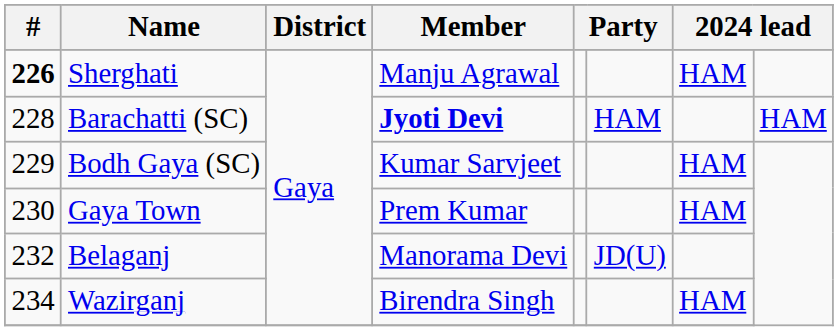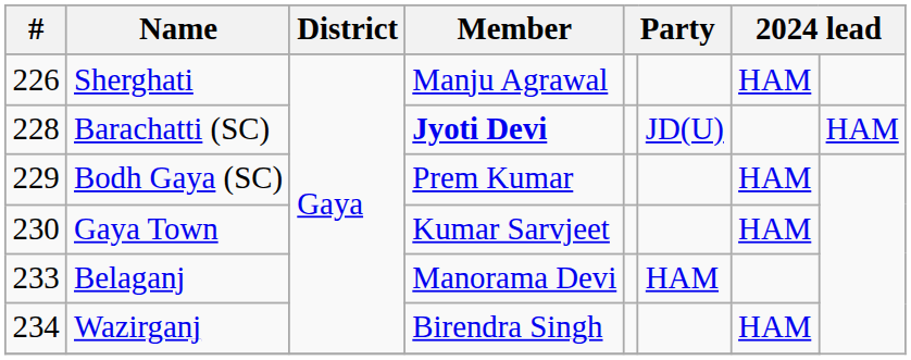 <table class="wikitable">
 <tr>
 <th>#</th>
 <th>Name</th>
 <th>District</th>
 <th>Member</th>
 <th colspan="2">Party</th>
 <th colspan="2">2024 lead</th>
 </tr>
 <tr>
-<td><strong>226</strong></td>
+<td>226</td>
 <td><a href='#'>Sherghati</a></td>
 <td rowspan="6"><a href='#'>Gaya</a></td>
 <td><a href='#'>Manju Agrawal</a></td>
 <td></td>
 <td style="background-color: "></td>
 <td><a href='#'>HAM</a></td>
 </tr>
 <tr>
 <td>228</td>
 <td><a href='#'>Barachatti</a> (SC)</td>
 <td><strong><a href='#'>Jyoti Devi</a></strong></td>
 <td style="background-color: "></td>
-<td><a href='#'>HAM</a></td>
+<td><a href='#'>JD(U)</a></td>
 <td style="background-color: "></td>
 <td><a href='#'>HAM</a></td>
 </tr>
 <tr>
 <td>229</td>
 <td><a href='#'>Bodh Gaya</a> (SC)</td>
-<td><a href='#'>Kumar Sarvjeet</a></td>
+<td><a href='#'>Prem Kumar</a></td>
 <td></td>
 <td style="background-color: "></td>
 <td><a href='#'>HAM</a></td>
 </tr>
 <tr>
 <td>230</td>
 <td><a href='#'>Gaya Town</a></td>
-<td><a href='#'>Prem Kumar</a></td>
+<td><a href='#'>Kumar Sarvjeet</a></td>
 <td></td>
 <td style="background-color: "></td>
 <td><a href='#'>HAM</a></td>
 </tr>
 <tr>
-<td>232</td>
+<td>233</td>
 <td><a href='#'>Belaganj</a></td>
 <td><a href='#'>Manorama Devi</a></td>
 <td style="background-color: "></td>
-<td><a href='#'>JD(U)</a></td>
+<td><a href='#'>HAM</a></td>
 <td></td>
 </tr>
 <tr>
 <td>234</td>
 <td><a href='#'>Wazirganj</a></td>
 <td><a href='#'>Birendra Singh</a></td>
 <td></td>
 <td style="background-color: "></td>
 <td><a href='#'>HAM</a></td>
 </tr>
 <tr>
 </tr>
 </table>
